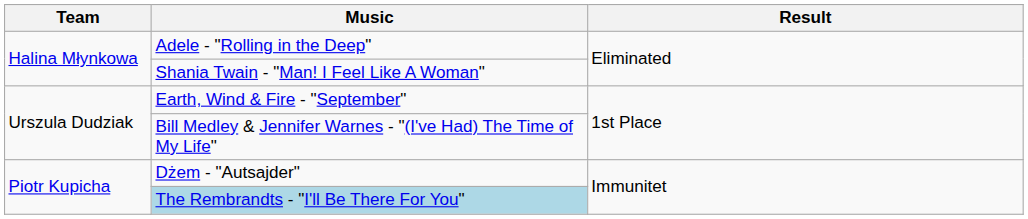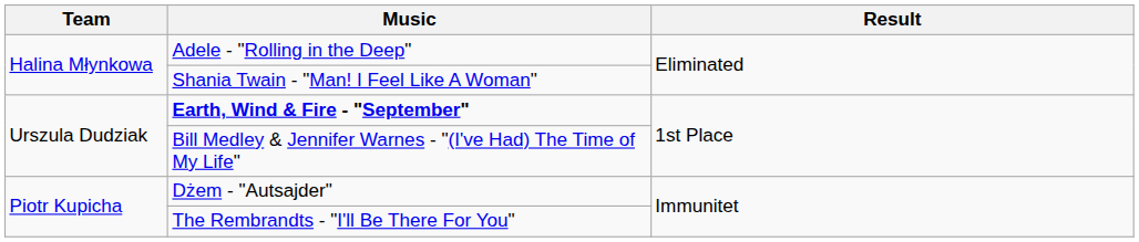 <table class="wikitable">
 <tr>
 <th style="width:130px;">Team</th>
 <th style="width:400px;">Music</th>
 <th style="width:400px;">Result</th>
 </tr>
 <tr>
 <td rowspan="2"><a href='#'>Halina Młynkowa</a></td>
 <td><a href='#'>Adele</a> - "<a href='#'>Rolling in the Deep</a>"</td>
 <td rowspan="2">Eliminated</td>
 </tr>
 <tr>
 <td><a href='#'>Shania Twain</a> - "<a href='#'>Man! I Feel Like A Woman</a>"</td>
 </tr>
 <tr>
 <td rowspan="2">Urszula Dudziak</td>
-<td><a href='#'>Earth, Wind & Fire</a> - "<a href='#'>September</a>"</td>
+<td><strong><a href='#'>Earth, Wind & Fire</a> - "<a href='#'>September</a>"</strong></td>
 <td rowspan="2">1st Place</td>
 </tr>
 <tr>
 <td><a href='#'>Bill Medley</a> & <a href='#'>Jennifer Warnes</a> - "<a href='#'>(I've Had) The Time of My Life</a>"</td>
 </tr>
 <tr>
 <td rowspan="2"><a href='#'>Piotr Kupicha</a></td>
 <td><a href='#'>Dżem</a> - "Autsajder"</td>
 <td rowspan="2">Immunitet</td>
 </tr>
 <tr>
-<td style="background: lightblue;"><a href='#'>The Rembrandts</a> - "<a href='#'>I'll Be There For You</a>"</td>
+<td><a href='#'>The Rembrandts</a> - "<a href='#'>I'll Be There For You</a>"</td>
 </tr>
 </table>
